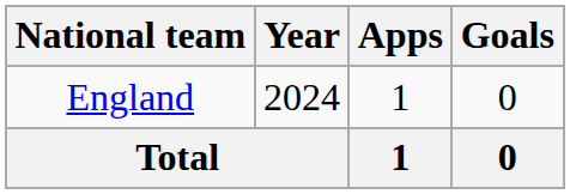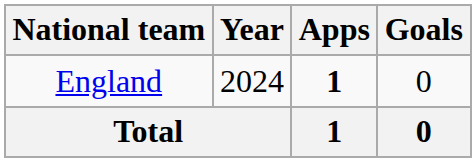 <table class="wikitable" style="text-align: center;">
 <tr>
 <th>National team</th>
 <th>Year</th>
 <th>Apps</th>
 <th>Goals</th>
 </tr>
 <tr>
 <td rowspan="1"><a href='#'>England</a></td>
 <td>2024</td>
-<td>1</td>
+<td><strong>1</strong></td>
 <td>0</td>
 </tr>
 <tr>
 <th colspan="2">Total</th>
 <th>1</th>
 <th>0</th>
 </tr>
 </table>
